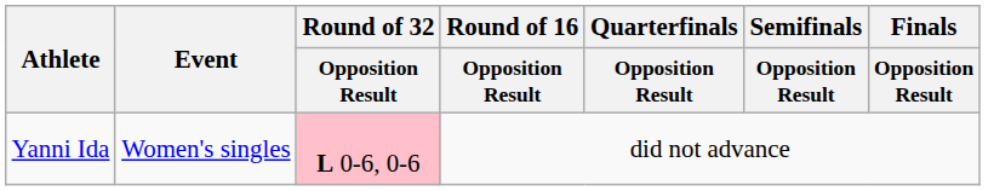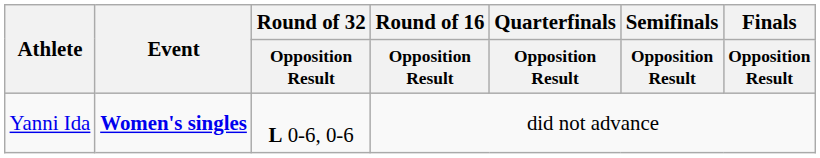 <table class=wikitable style="font-size:90%">
 <tr>
 <th rowspan="2">Athlete</th>
 <th rowspan="2">Event</th>
 <th>Round of 32</th>
 <th>Round of 16</th>
 <th>Quarterfinals</th>
 <th>Semifinals</th>
 <th>Finals</th>
 </tr>
 <tr>
 <th style="line-height:1em"><small>Opposition<br>Result</small></th>
 <th style="line-height:1em"><small>Opposition<br>Result</small></th>
 <th style="line-height:1em"><small>Opposition<br>Result</small></th>
 <th style="line-height:1em"><small>Opposition<br>Result</small></th>
 <th style="line-height:1em"><small>Opposition<br>Result</small></th>
 </tr>
 <tr>
 <td><a href='#'>Yanni Ida</a></td>
-<td><a href='#'>Women's singles</a></td>
-<td style="background: pink; text-align:center;"><br><strong>L</strong> 0-6, 0-6</td>
+<td><strong><a href='#'>Women's singles</a></strong></td>
+<td style="text-align:center;"><br><strong>L</strong> 0-6, 0-6</td>
 <td style="text-align:center;" colspan="4">did not advance</td>
 </tr>
 </table>
